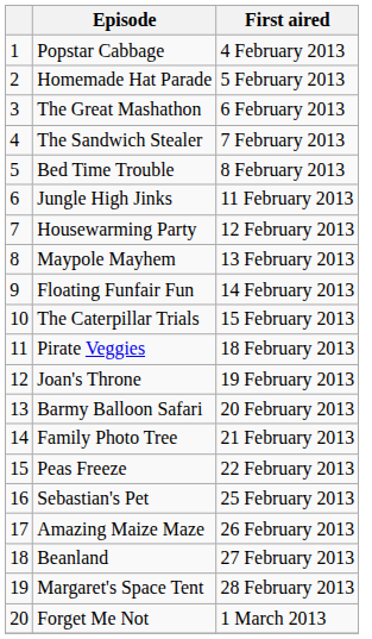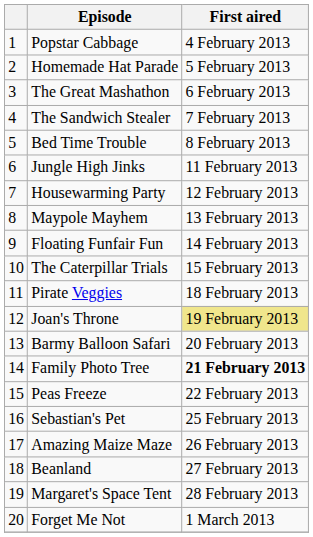 <table class="wikitable">
 <tr>
 <th></th>
 <th><strong>Episode</strong></th>
 <th><strong>First aired</strong></th>
 </tr>
 <tr>
 <td>1</td>
 <td>Popstar Cabbage</td>
 <td>4 February 2013</td>
 </tr>
 <tr>
 <td>2</td>
 <td>Homemade Hat Parade</td>
 <td>5 February 2013</td>
 </tr>
 <tr>
 <td>3</td>
 <td>The Great Mashathon</td>
 <td>6 February 2013</td>
 </tr>
 <tr>
 <td>4</td>
 <td>The Sandwich Stealer</td>
 <td>7 February 2013</td>
 </tr>
 <tr>
 <td>5</td>
 <td>Bed Time Trouble</td>
 <td>8 February 2013</td>
 </tr>
 <tr>
 <td>6</td>
 <td>Jungle High Jinks</td>
 <td>11 February 2013</td>
 </tr>
 <tr>
 <td>7</td>
 <td>Housewarming Party</td>
 <td>12 February 2013</td>
 </tr>
 <tr>
 <td>8</td>
 <td>Maypole Mayhem</td>
 <td>13 February 2013</td>
 </tr>
 <tr>
 <td>9</td>
 <td>Floating Funfair Fun</td>
 <td>14 February 2013</td>
 </tr>
 <tr>
 <td>10</td>
 <td>The Caterpillar Trials</td>
 <td>15 February 2013</td>
 </tr>
 <tr>
 <td>11</td>
 <td>Pirate <a href='#'>Veggies</a></td>
 <td>18 February 2013</td>
 </tr>
 <tr>
 <td>12</td>
 <td>Joan's Throne</td>
-<td>19 February 2013</td>
+<td style="background: khaki;">19 February 2013</td>
 </tr>
 <tr>
 <td>13</td>
 <td>Barmy Balloon Safari</td>
 <td>20 February 2013</td>
 </tr>
 <tr>
 <td>14</td>
 <td>Family Photo Tree</td>
-<td>21 February 2013</td>
+<td><strong>21 February 2013</strong></td>
 </tr>
 <tr>
 <td>15</td>
 <td>Peas Freeze</td>
 <td>22 February 2013</td>
 </tr>
 <tr>
 <td>16</td>
 <td>Sebastian's Pet</td>
 <td>25 February 2013</td>
 </tr>
 <tr>
 <td>17</td>
 <td>Amazing Maize Maze</td>
 <td>26 February 2013</td>
 </tr>
 <tr>
 <td>18</td>
 <td>Beanland</td>
 <td>27 February 2013</td>
 </tr>
 <tr>
 <td>19</td>
 <td>Margaret's Space Tent</td>
 <td>28 February 2013</td>
 </tr>
 <tr>
 <td>20</td>
 <td>Forget Me Not</td>
 <td>1 March 2013</td>
 </tr>
 <tr>
 </tr>
 </table>
